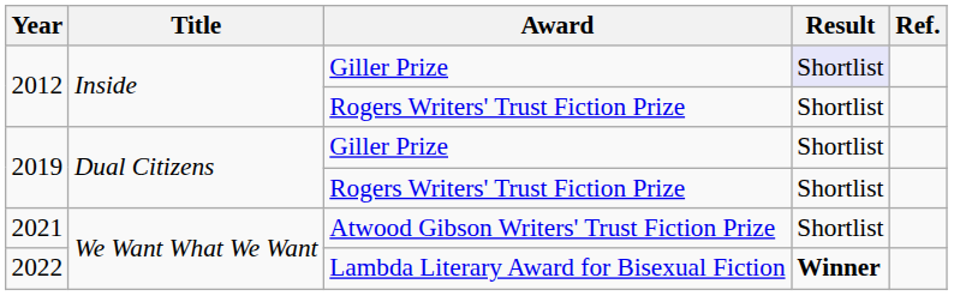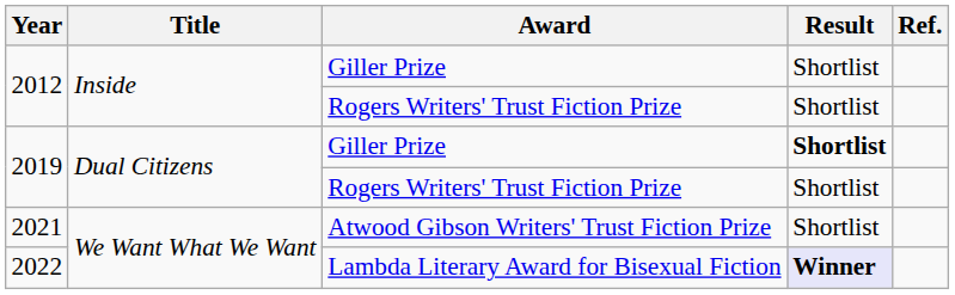 <table class="wikitable sortable">
 <tr>
 <th>Year</th>
 <th>Title</th>
 <th>Award</th>
 <th>Result</th>
 <th>Ref.</th>
 </tr>
 <tr>
 <td rowspan="2">2012</td>
 <td rowspan="2"><em>Inside</em></td>
 <td><a href='#'>Giller Prize</a></td>
-<td style="background: lavender;">Shortlist</td>
+<td>Shortlist</td>
 <td></td>
 </tr>
 <tr>
 <td><a href='#'>Rogers Writers' Trust Fiction Prize</a></td>
 <td>Shortlist</td>
 <td></td>
 </tr>
 <tr>
 <td rowspan="2">2019</td>
 <td rowspan="2"><em>Dual Citizens</em></td>
 <td><a href='#'>Giller Prize</a></td>
-<td>Shortlist</td>
+<td><strong>Shortlist</strong></td>
 <td></td>
 </tr>
 <tr>
 <td><a href='#'>Rogers Writers' Trust Fiction Prize</a></td>
 <td>Shortlist</td>
 <td></td>
 </tr>
 <tr>
 <td>2021</td>
 <td rowspan="2"><em>We Want What We Want</em></td>
 <td><a href='#'>Atwood Gibson Writers' Trust Fiction Prize</a></td>
 <td>Shortlist</td>
 <td></td>
 </tr>
 <tr>
 <td>2022</td>
 <td><a href='#'>Lambda Literary Award for Bisexual Fiction</a></td>
-<td><strong>Winner</strong></td>
+<td style="background: lavender;"><strong>Winner</strong></td>
 <td></td>
 </tr>
 </table>
